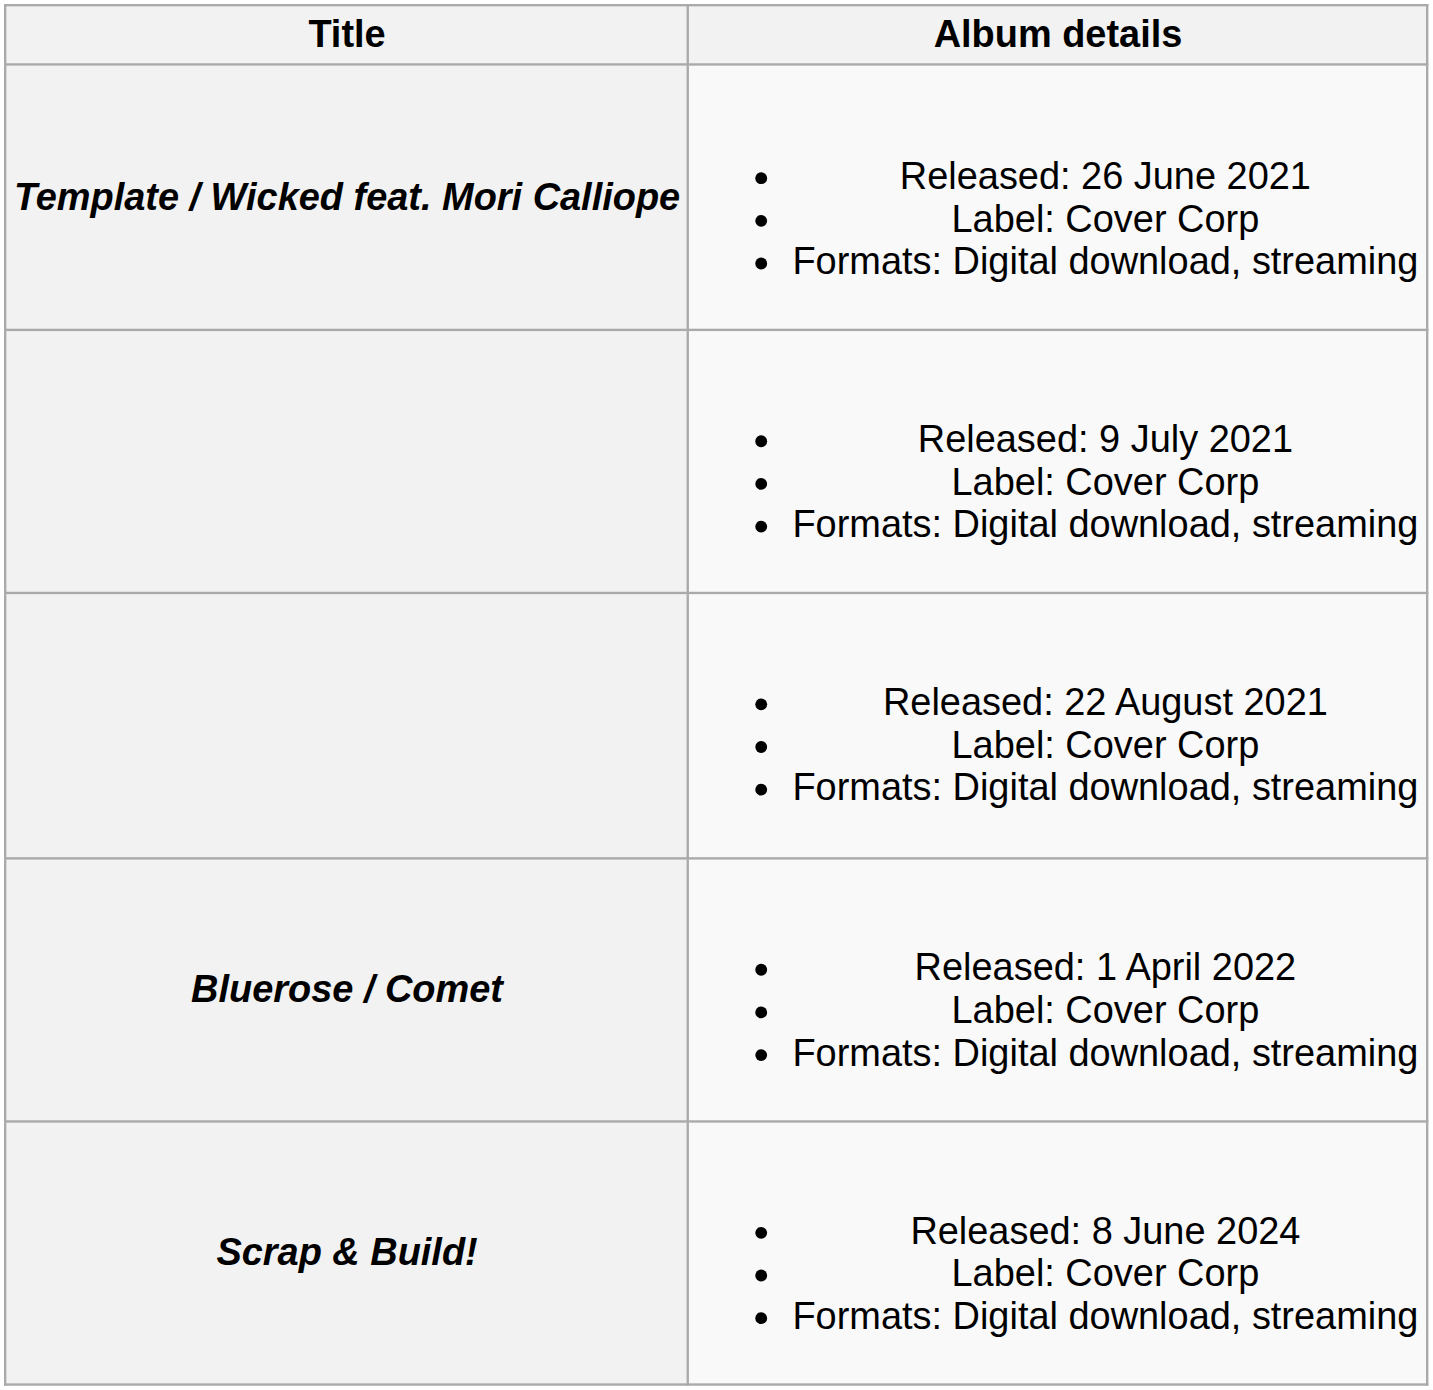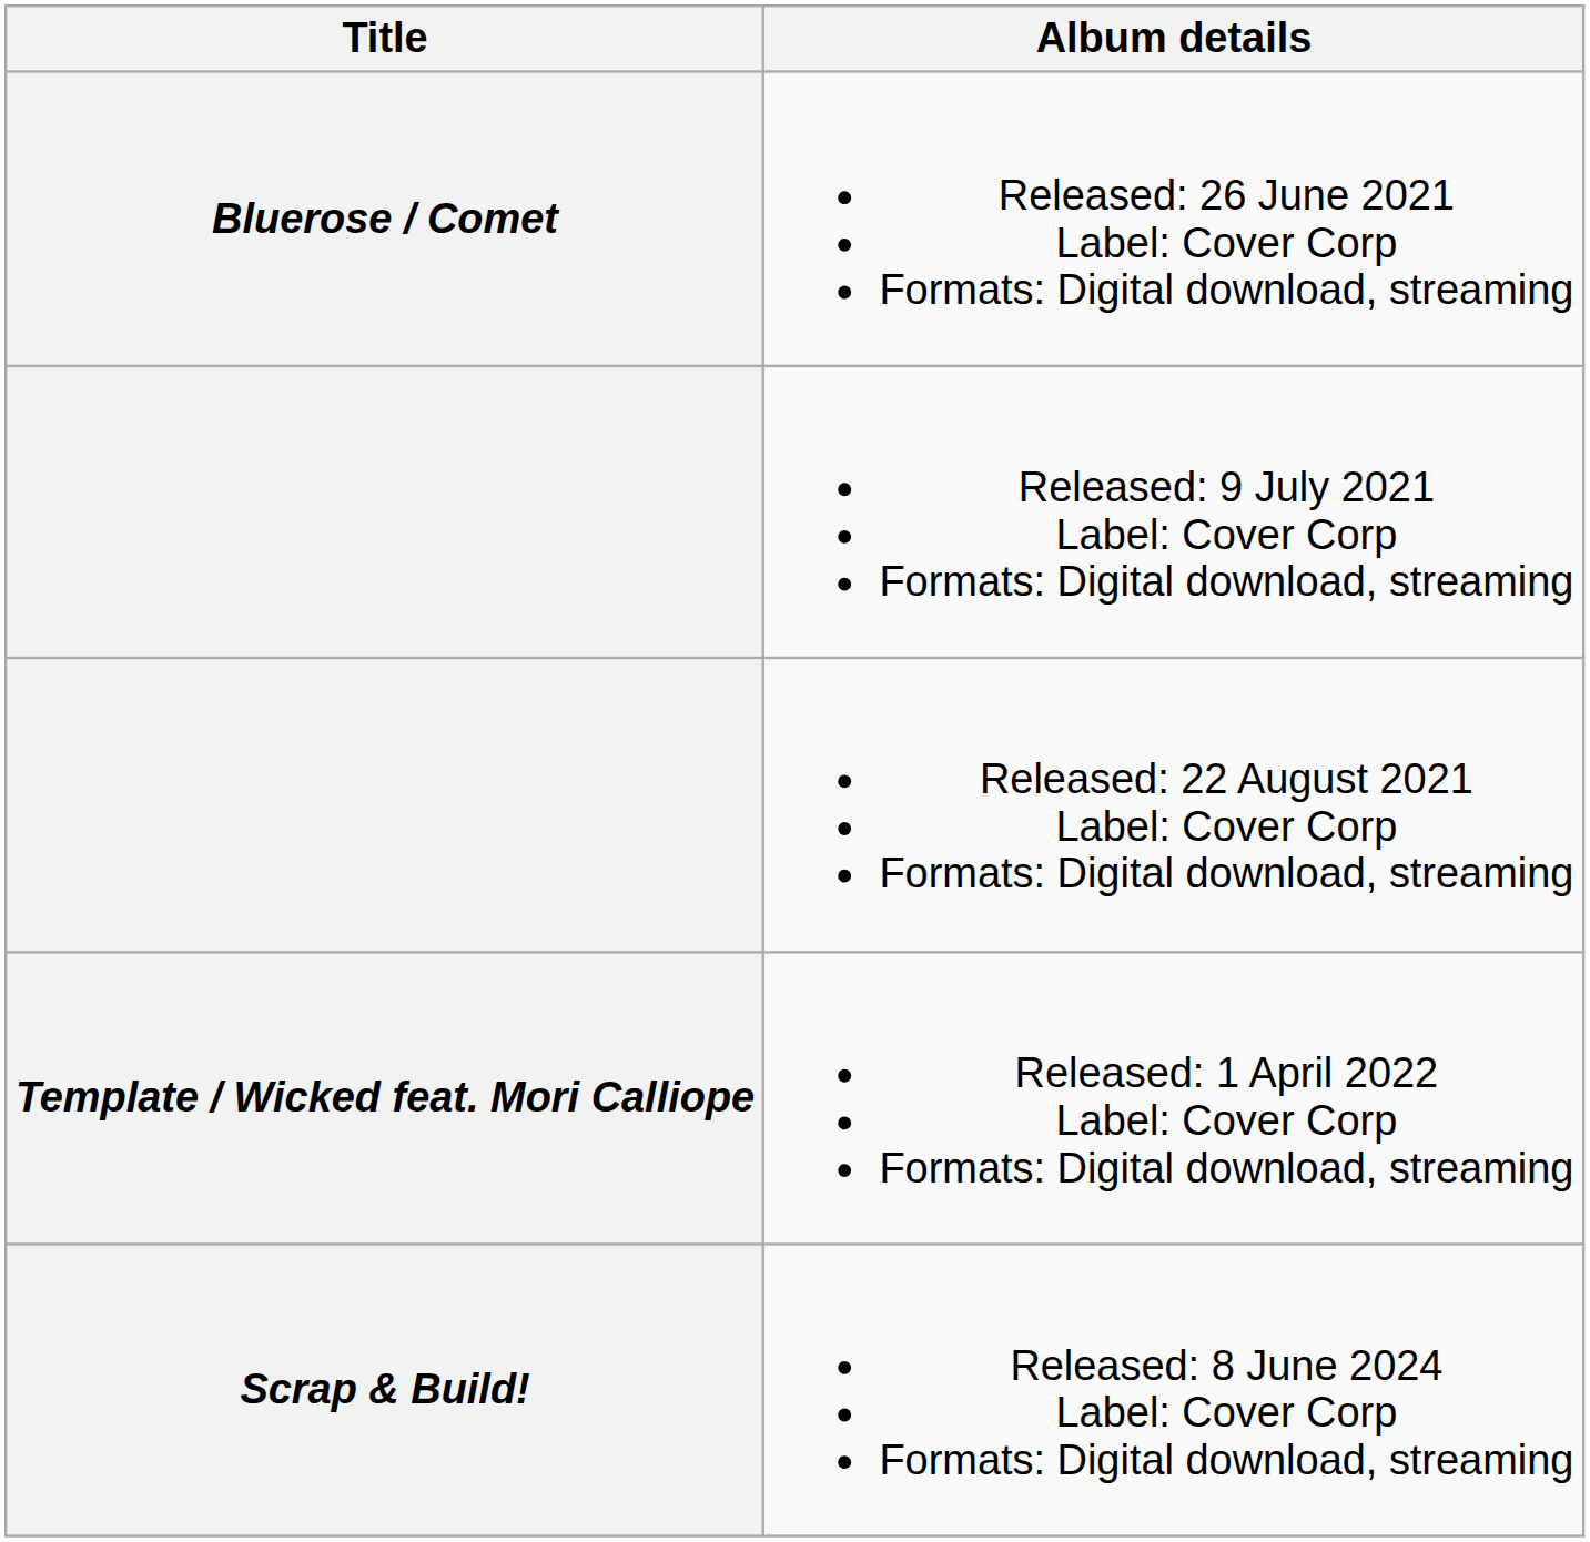 <table class="wikitable plainrowheaders" style="text-align:center;">
 <tr>
 <th scope="col">Title</th>
 <th scope="col">Album details</th>
 </tr>
 <tr>
-<th scope="row"><em>Template / Wicked feat. Mori Calliope</em></th>
+<th scope="row"><em>Bluerose / Comet</em></th>
 <td><br><ul><li>Released: 26 June 2021</li><li>Label: Cover Corp</li><li>Formats: Digital download, streaming</li></ul></td>
 </tr>
 <tr>
 <th scope="row"></th>
 <td><br><ul><li>Released: 9 July 2021</li><li>Label: Cover Corp</li><li>Formats: Digital download, streaming</li></ul></td>
 </tr>
 <tr>
 <th scope="row"></th>
 <td><br><ul><li>Released: 22 August 2021</li><li>Label: Cover Corp</li><li>Formats: Digital download, streaming</li></ul></td>
 </tr>
 <tr>
-<th scope="row"><em>Bluerose / Comet</em></th>
+<th scope="row"><em>Template / Wicked feat. Mori Calliope</em></th>
 <td><br><ul><li>Released: 1 April 2022</li><li>Label: Cover Corp</li><li>Formats: Digital download, streaming</li></ul></td>
 </tr>
 <tr>
 <th scope="row"><em>Scrap & Build!</em><br></th>
 <td><br><ul><li>Released: 8 June 2024</li><li>Label: Cover Corp</li><li>Formats: Digital download, streaming</li></ul></td>
 </tr>
 </table>
